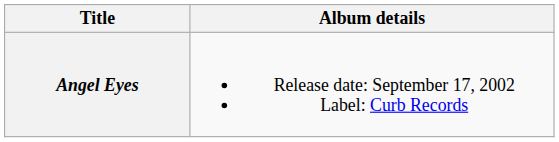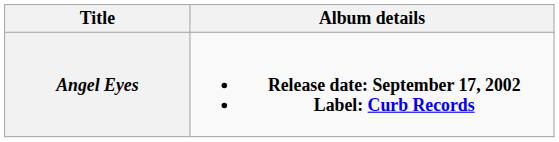 <table class="wikitable plainrowheaders" style="text-align:center;">
 <tr>
 <th style="width:10em;">Title</th>
 <th style="width:20em;">Album details</th>
 </tr>
 <tr>
 <th scope="row"><em>Angel Eyes</em></th>
-<td><br><ul><li>Release date: September 17, 2002</li><li>Label: <a href='#'>Curb Records</a></li></ul></td>
+<td><strong><br><ul><li>Release date: September 17, 2002</li><li>Label: <a href='#'>Curb Records</a></li></ul></strong></td>
 </tr>
 </table>
